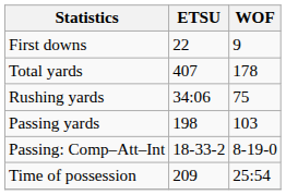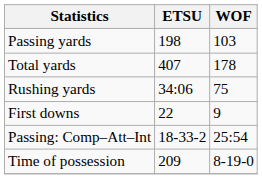 <table class="wikitable" style="float: left;">
 <tr>
 <th>Statistics</th>
 <th>ETSU</th>
 <th>WOF</th>
 </tr>
 <tr>
-<td>First downs</td>
-<td>22</td>
-<td>9</td>
+<td>Passing yards</td>
+<td>198</td>
+<td>103</td>
 </tr>
 <tr>
 <td>Total yards</td>
 <td>407</td>
 <td>178</td>
 </tr>
 <tr>
 <td>Rushing yards</td>
 <td>34:06</td>
 <td>75</td>
 </tr>
 <tr>
-<td>Passing yards</td>
-<td>198</td>
-<td>103</td>
+<td>First downs</td>
+<td>22</td>
+<td>9</td>
 </tr>
 <tr>
 <td>Passing: Comp–Att–Int</td>
 <td>18-33-2</td>
-<td>8-19-0</td>
+<td>25:54</td>
 </tr>
 <tr>
 <td>Time of possession</td>
 <td>209</td>
-<td>25:54</td>
+<td>8-19-0</td>
 </tr>
 <tr>
 </tr>
 </table>
